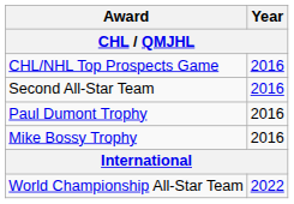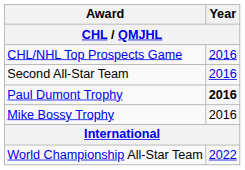 <table class="wikitable">
 <tr>
 <th>Award</th>
 <th>Year</th>
 </tr>
 <tr>
 <th colspan="2"><a href='#'>CHL</a> / <a href='#'>QMJHL</a></th>
 </tr>
 <tr>
 <td><a href='#'>CHL/NHL Top Prospects Game</a></td>
 <td><a href='#'>2016</a></td>
 </tr>
 <tr>
 <td>Second All-Star Team</td>
 <td><a href='#'>2016</a></td>
 </tr>
 <tr>
 <td><a href='#'>Paul Dumont Trophy</a></td>
-<td>2016</td>
+<td><strong>2016</strong></td>
 </tr>
 <tr>
 <td><a href='#'>Mike Bossy Trophy</a></td>
 <td>2016</td>
 </tr>
 <tr>
 <th colspan="2"><a href='#'>International</a></th>
 </tr>
 <tr>
 <td><a href='#'>World Championship</a> All-Star Team</td>
 <td><a href='#'>2022</a></td>
 </tr>
 </table>
